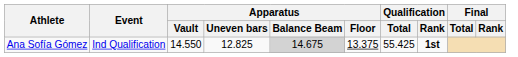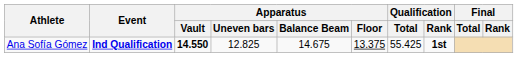 <table class="wikitable" style="font-size:90%">
 <tr>
 <th rowspan="2">Athlete</th>
 <th rowspan="2">Event</th>
 <th colspan = "4">Apparatus</th>
 <th colspan = "2">Qualification</th>
 <th colspan = "2">Final</th>
 </tr>
 <tr>
 <th>Vault</th>
 <th>Uneven bars</th>
 <th>Balance Beam</th>
 <th>Floor</th>
 <th>Total</th>
 <th>Rank</th>
 <th>Total</th>
 <th>Rank</th>
 </tr>
 <tr>
 <td><a href='#'>Ana Sofía Gómez</a></td>
-<td><a href='#'>Ind Qualification</a></td>
-<td align=center>14.550</td>
+<td><strong><a href='#'>Ind Qualification</a></strong></td>
+<td align=center><strong>14.550</strong></td>
 <td align=center>12.825</td>
-<td align=center style="background: lightgrey;">14.675</td>
+<td align=center>14.675</td>
 <td align=center><u>13.375</u></td>
 <td align=center>55.425</td>
 <td align=center><strong>1st</strong></td>
 <td align=center colspan=2 bgcolor=wheat></td>
 </tr>
 </table>
